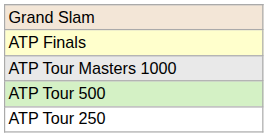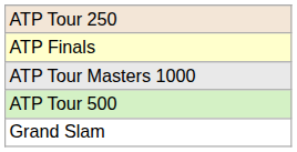 <table class="wikitable" style="font-size:85%; width:11%;">
 <tr>
 </tr>
 <tr style="background:#f3e6d7;">
-<td>Grand Slam</td>
+<td>ATP Tour 250</td>
 </tr>
 <tr style="background:#ffffcc;">
 <td>ATP Finals</td>
 </tr>
 <tr style="background:#e9e9e9;">
 <td>ATP Tour Masters 1000</td>
 </tr>
 <tr style="background:#d4f1c5;">
 <td>ATP Tour 500</td>
 </tr>
 <tr style="background:#ffffff;">
-<td>ATP Tour 250</td>
+<td>Grand Slam</td>
 </tr>
 </table>
